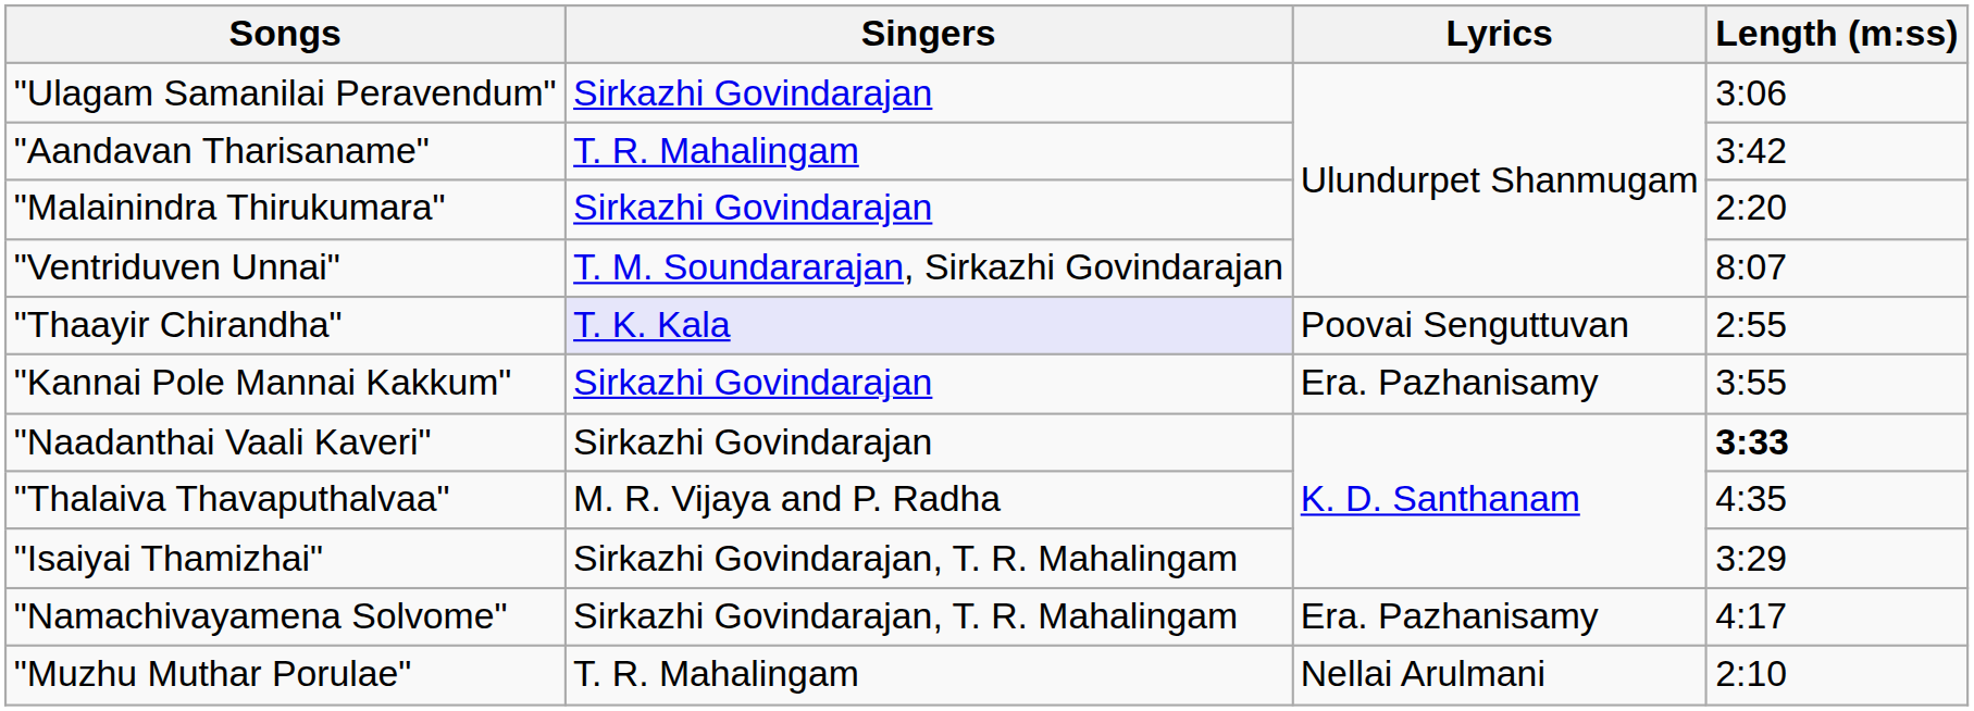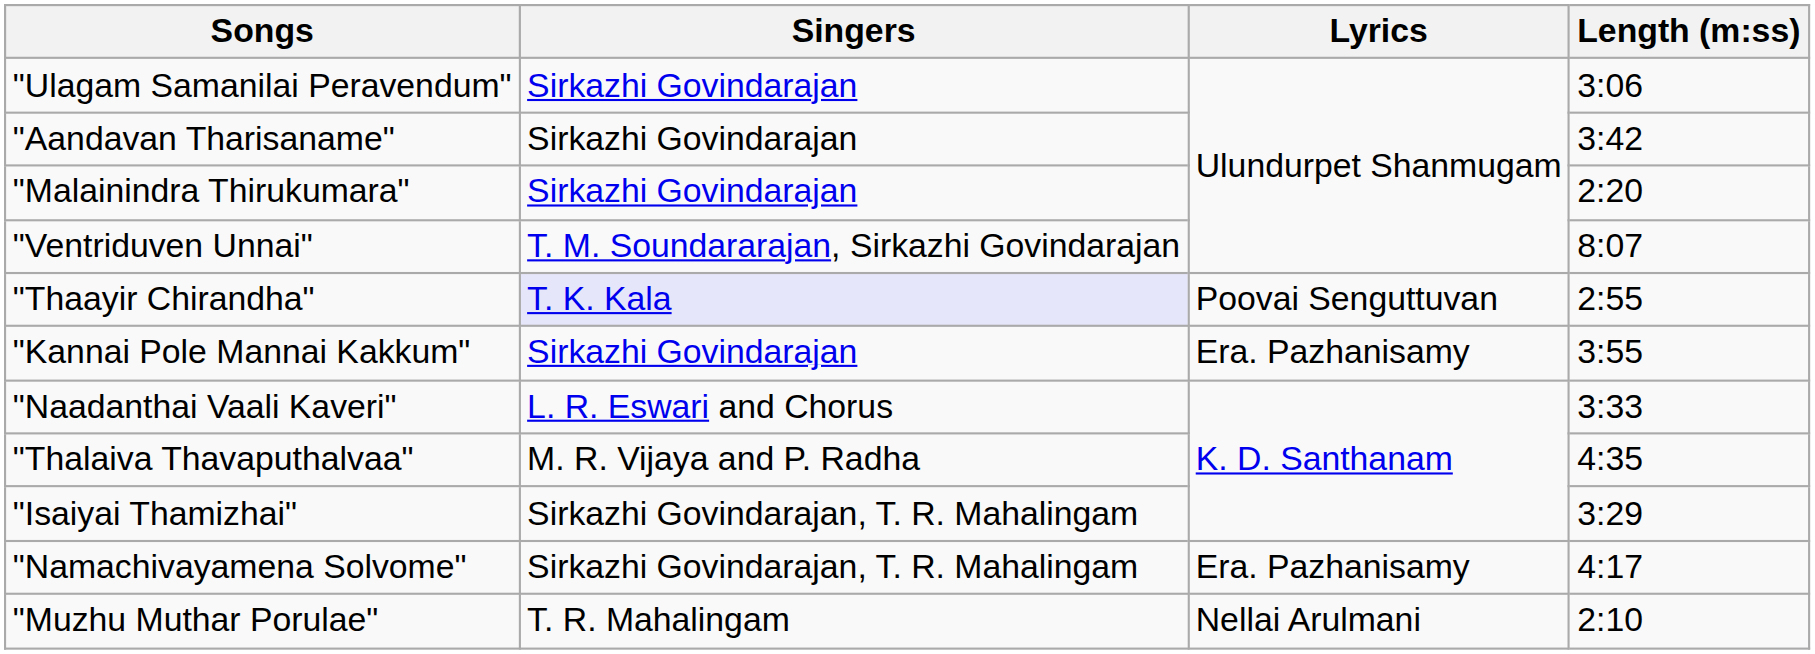 <table class="wikitable" style="— collapse:collapse; font -size:95%;">
 <tr style="background:#cccccf; text-align:center;">
 <th>Songs</th>
 <th>Singers</th>
 <th>Lyrics</th>
 <th>Length (m:ss)</th>
 </tr>
 <tr>
 <td>"Ulagam Samanilai Peravendum"</td>
 <td><a href='#'>Sirkazhi Govindarajan</a></td>
 <td rowspan=4>Ulundurpet Shanmugam</td>
 <td>3:06</td>
 </tr>
 <tr>
 <td>"Aandavan Tharisaname"</td>
-<td><a href='#'>T. R. Mahalingam</a></td>
+<td>Sirkazhi Govindarajan</td>
 <td>3:42</td>
 </tr>
 <tr>
 <td>"Malainindra Thirukumara"</td>
 <td><a href='#'>Sirkazhi Govindarajan</a></td>
 <td>2:20</td>
 </tr>
 <tr>
 <td>"Ventriduven Unnai"</td>
 <td><a href='#'>T. M. Soundararajan</a>, Sirkazhi Govindarajan</td>
 <td>8:07</td>
 </tr>
 <tr>
 <td>"Thaayir Chirandha"</td>
 <td style="background: lavender;"><a href='#'>T. K. Kala</a></td>
 <td>Poovai Senguttuvan</td>
 <td>2:55</td>
 </tr>
 <tr>
 <td>"Kannai Pole Mannai Kakkum"</td>
 <td><a href='#'>Sirkazhi Govindarajan</a></td>
 <td>Era. Pazhanisamy</td>
 <td>3:55</td>
 </tr>
 <tr>
 <td>"Naadanthai Vaali Kaveri"</td>
-<td>Sirkazhi Govindarajan</td>
+<td><a href='#'>L. R. Eswari</a> and Chorus</td>
 <td rowspan=3><a href='#'>K. D. Santhanam</a></td>
-<td><strong>3:33</strong></td>
+<td>3:33</td>
 </tr>
 <tr>
 <td>"Thalaiva Thavaputhalvaa"</td>
 <td>M. R. Vijaya and P. Radha</td>
 <td>4:35</td>
 </tr>
 <tr>
 <td>"Isaiyai Thamizhai"</td>
 <td>Sirkazhi Govindarajan, T. R. Mahalingam</td>
 <td>3:29</td>
 </tr>
 <tr>
 <td>"Namachivayamena Solvome"</td>
 <td>Sirkazhi Govindarajan, T. R. Mahalingam</td>
 <td>Era. Pazhanisamy</td>
 <td>4:17</td>
 </tr>
 <tr>
 <td>"Muzhu Muthar Porulae"</td>
 <td>T. R. Mahalingam</td>
 <td>Nellai Arulmani</td>
 <td>2:10</td>
 </tr>
 </table>
